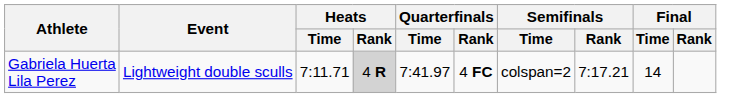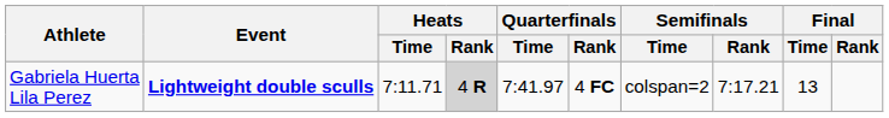 <table class="wikitable" style="font-size:90%">
 <tr>
 <th rowspan="2">Athlete</th>
 <th rowspan="2">Event</th>
 <th colspan="2">Heats</th>
 <th colspan="2">Quarterfinals</th>
 <th colspan="2">Semifinals</th>
 <th colspan="2">Final</th>
 </tr>
 <tr style="font-size:95%">
 <th>Time</th>
 <th>Rank</th>
 <th>Time</th>
 <th>Rank</th>
 <th>Time</th>
 <th>Rank</th>
 <th>Time</th>
 <th>Rank</th>
 </tr>
 <tr align=center>
 <td align=left><a href='#'>Gabriela Huerta</a><br><a href='#'>Lila Perez</a></td>
-<td align=left><a href='#'>Lightweight double sculls</a></td>
+<td align=left><strong><a href='#'>Lightweight double sculls</a></strong></td>
 <td>7:11.71</td>
 <td style="background: lightgrey;">4 <strong>R</strong></td>
 <td>7:41.97</td>
 <td>4 <strong>FC</strong></td>
 <td>colspan=2 </td>
 <td>7:17.21</td>
-<td>14</td>
+<td>13</td>
 </tr>
 </table>
